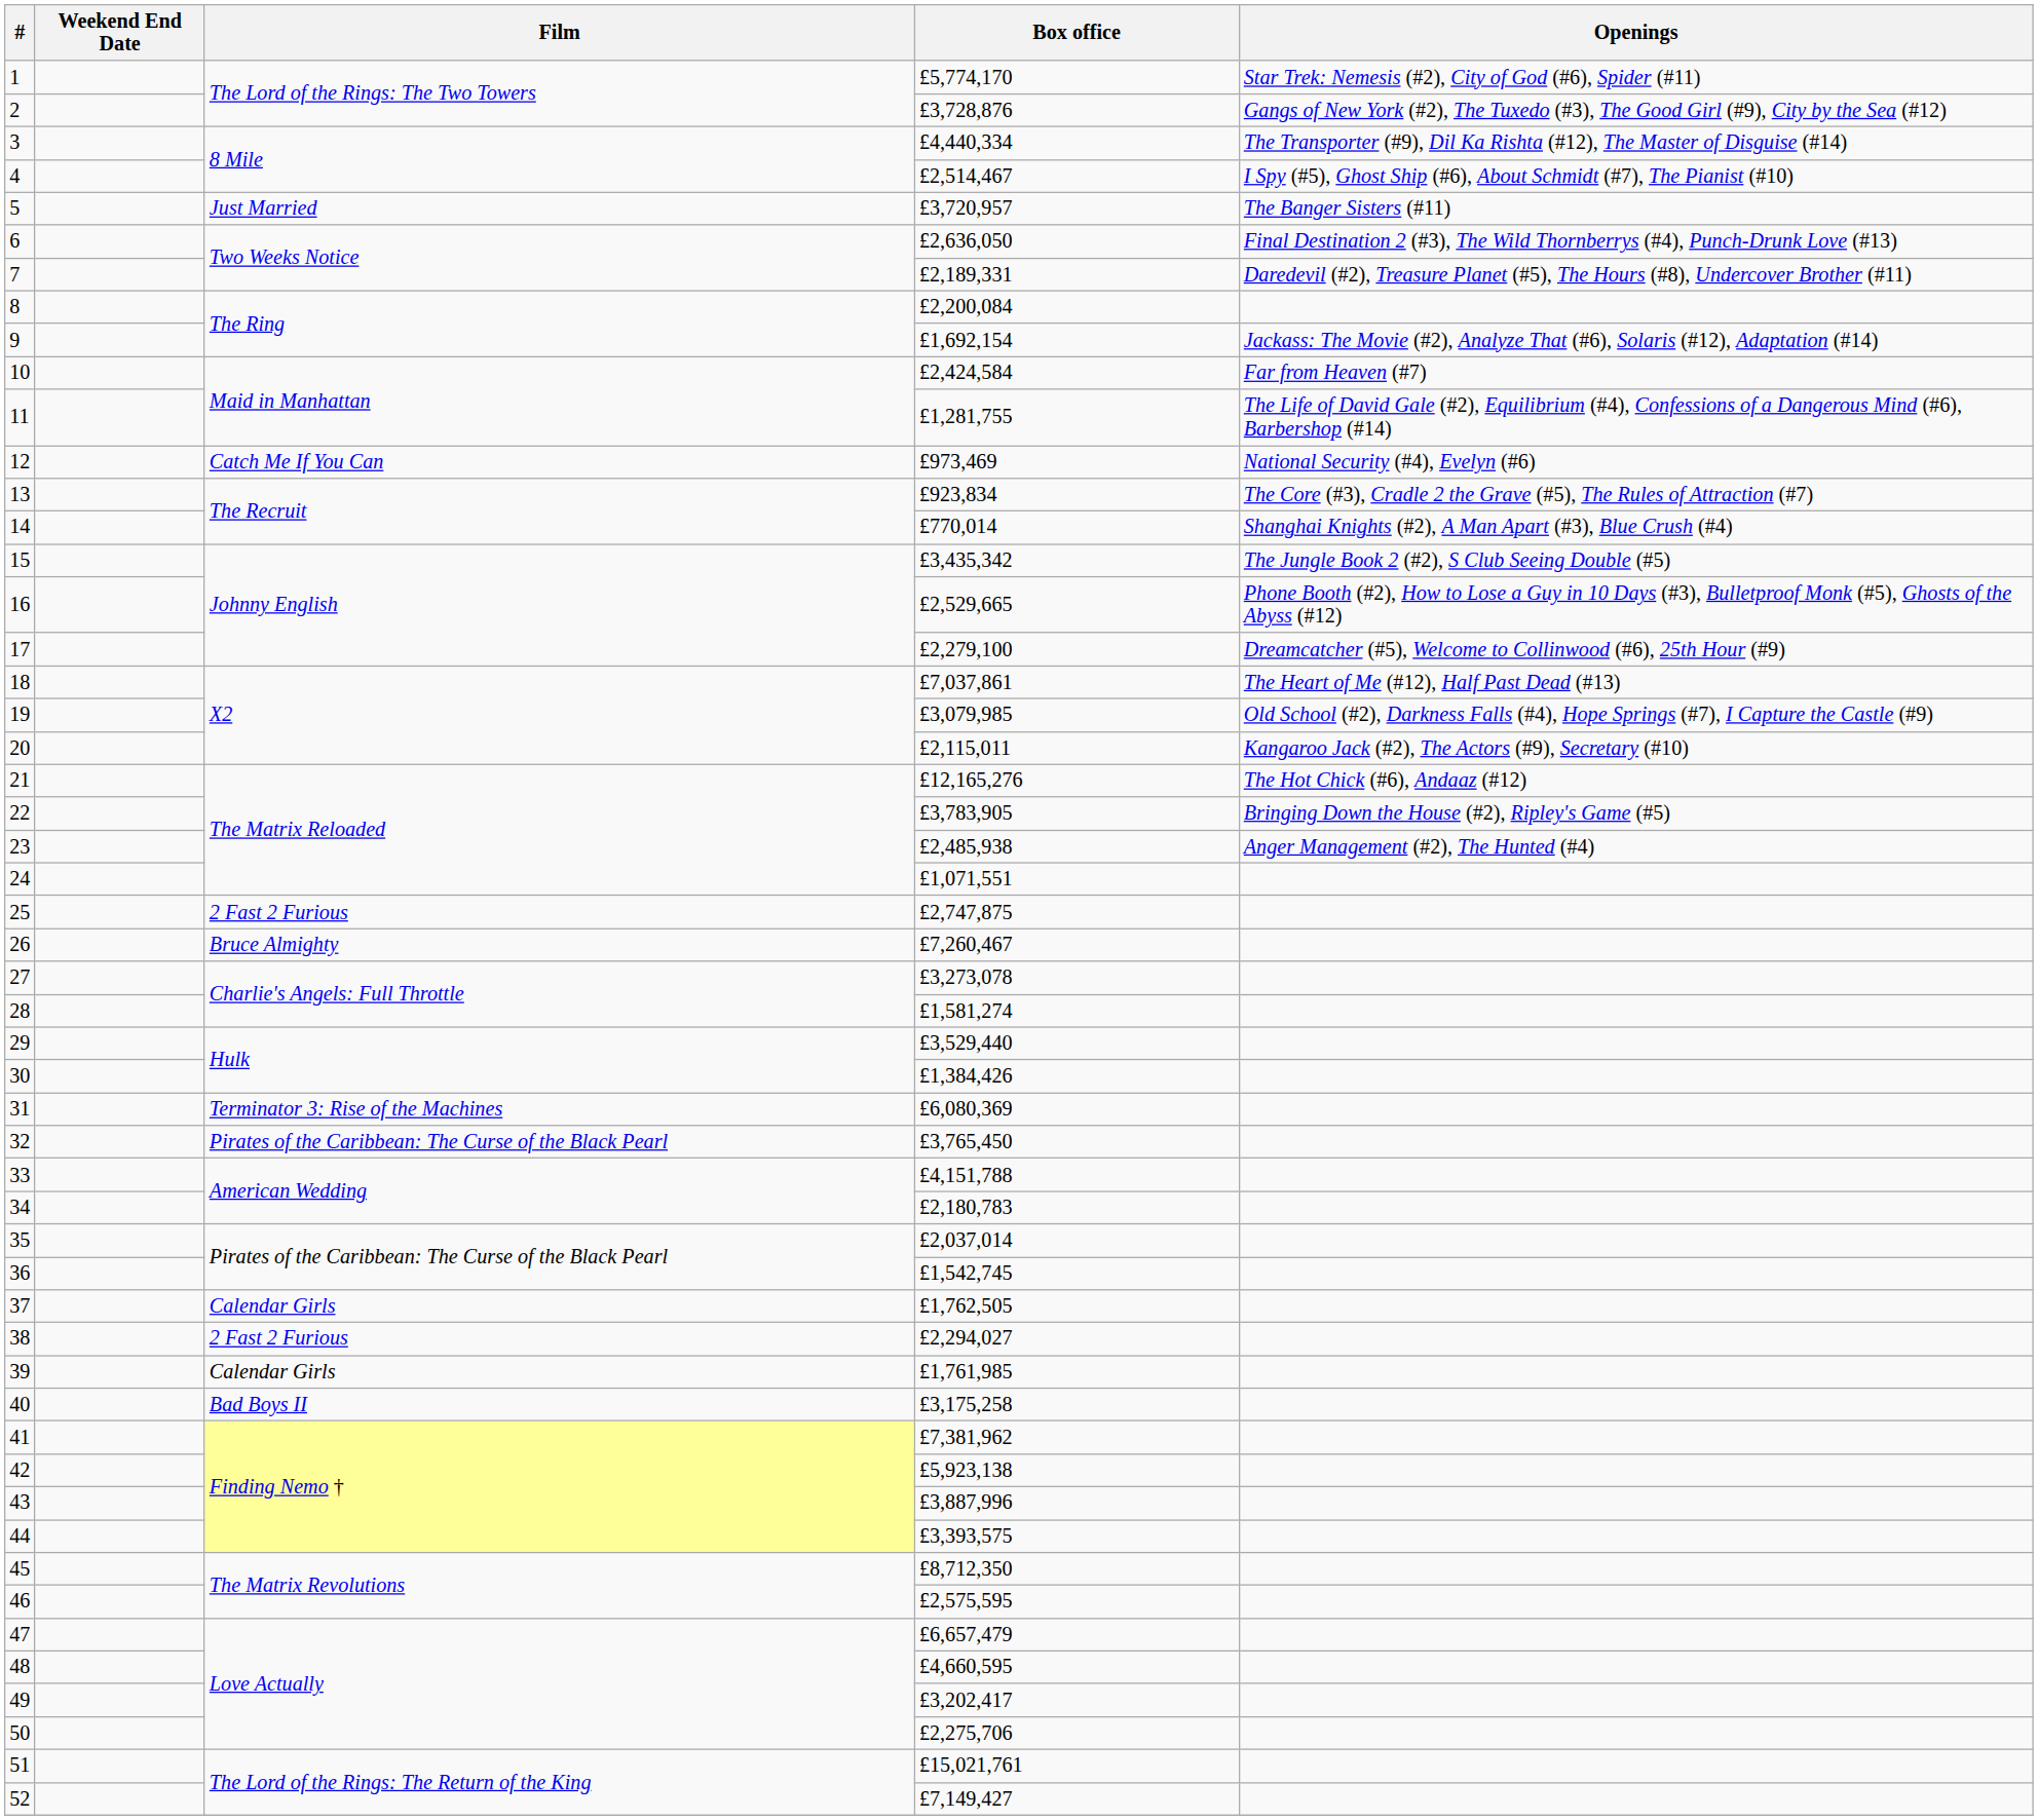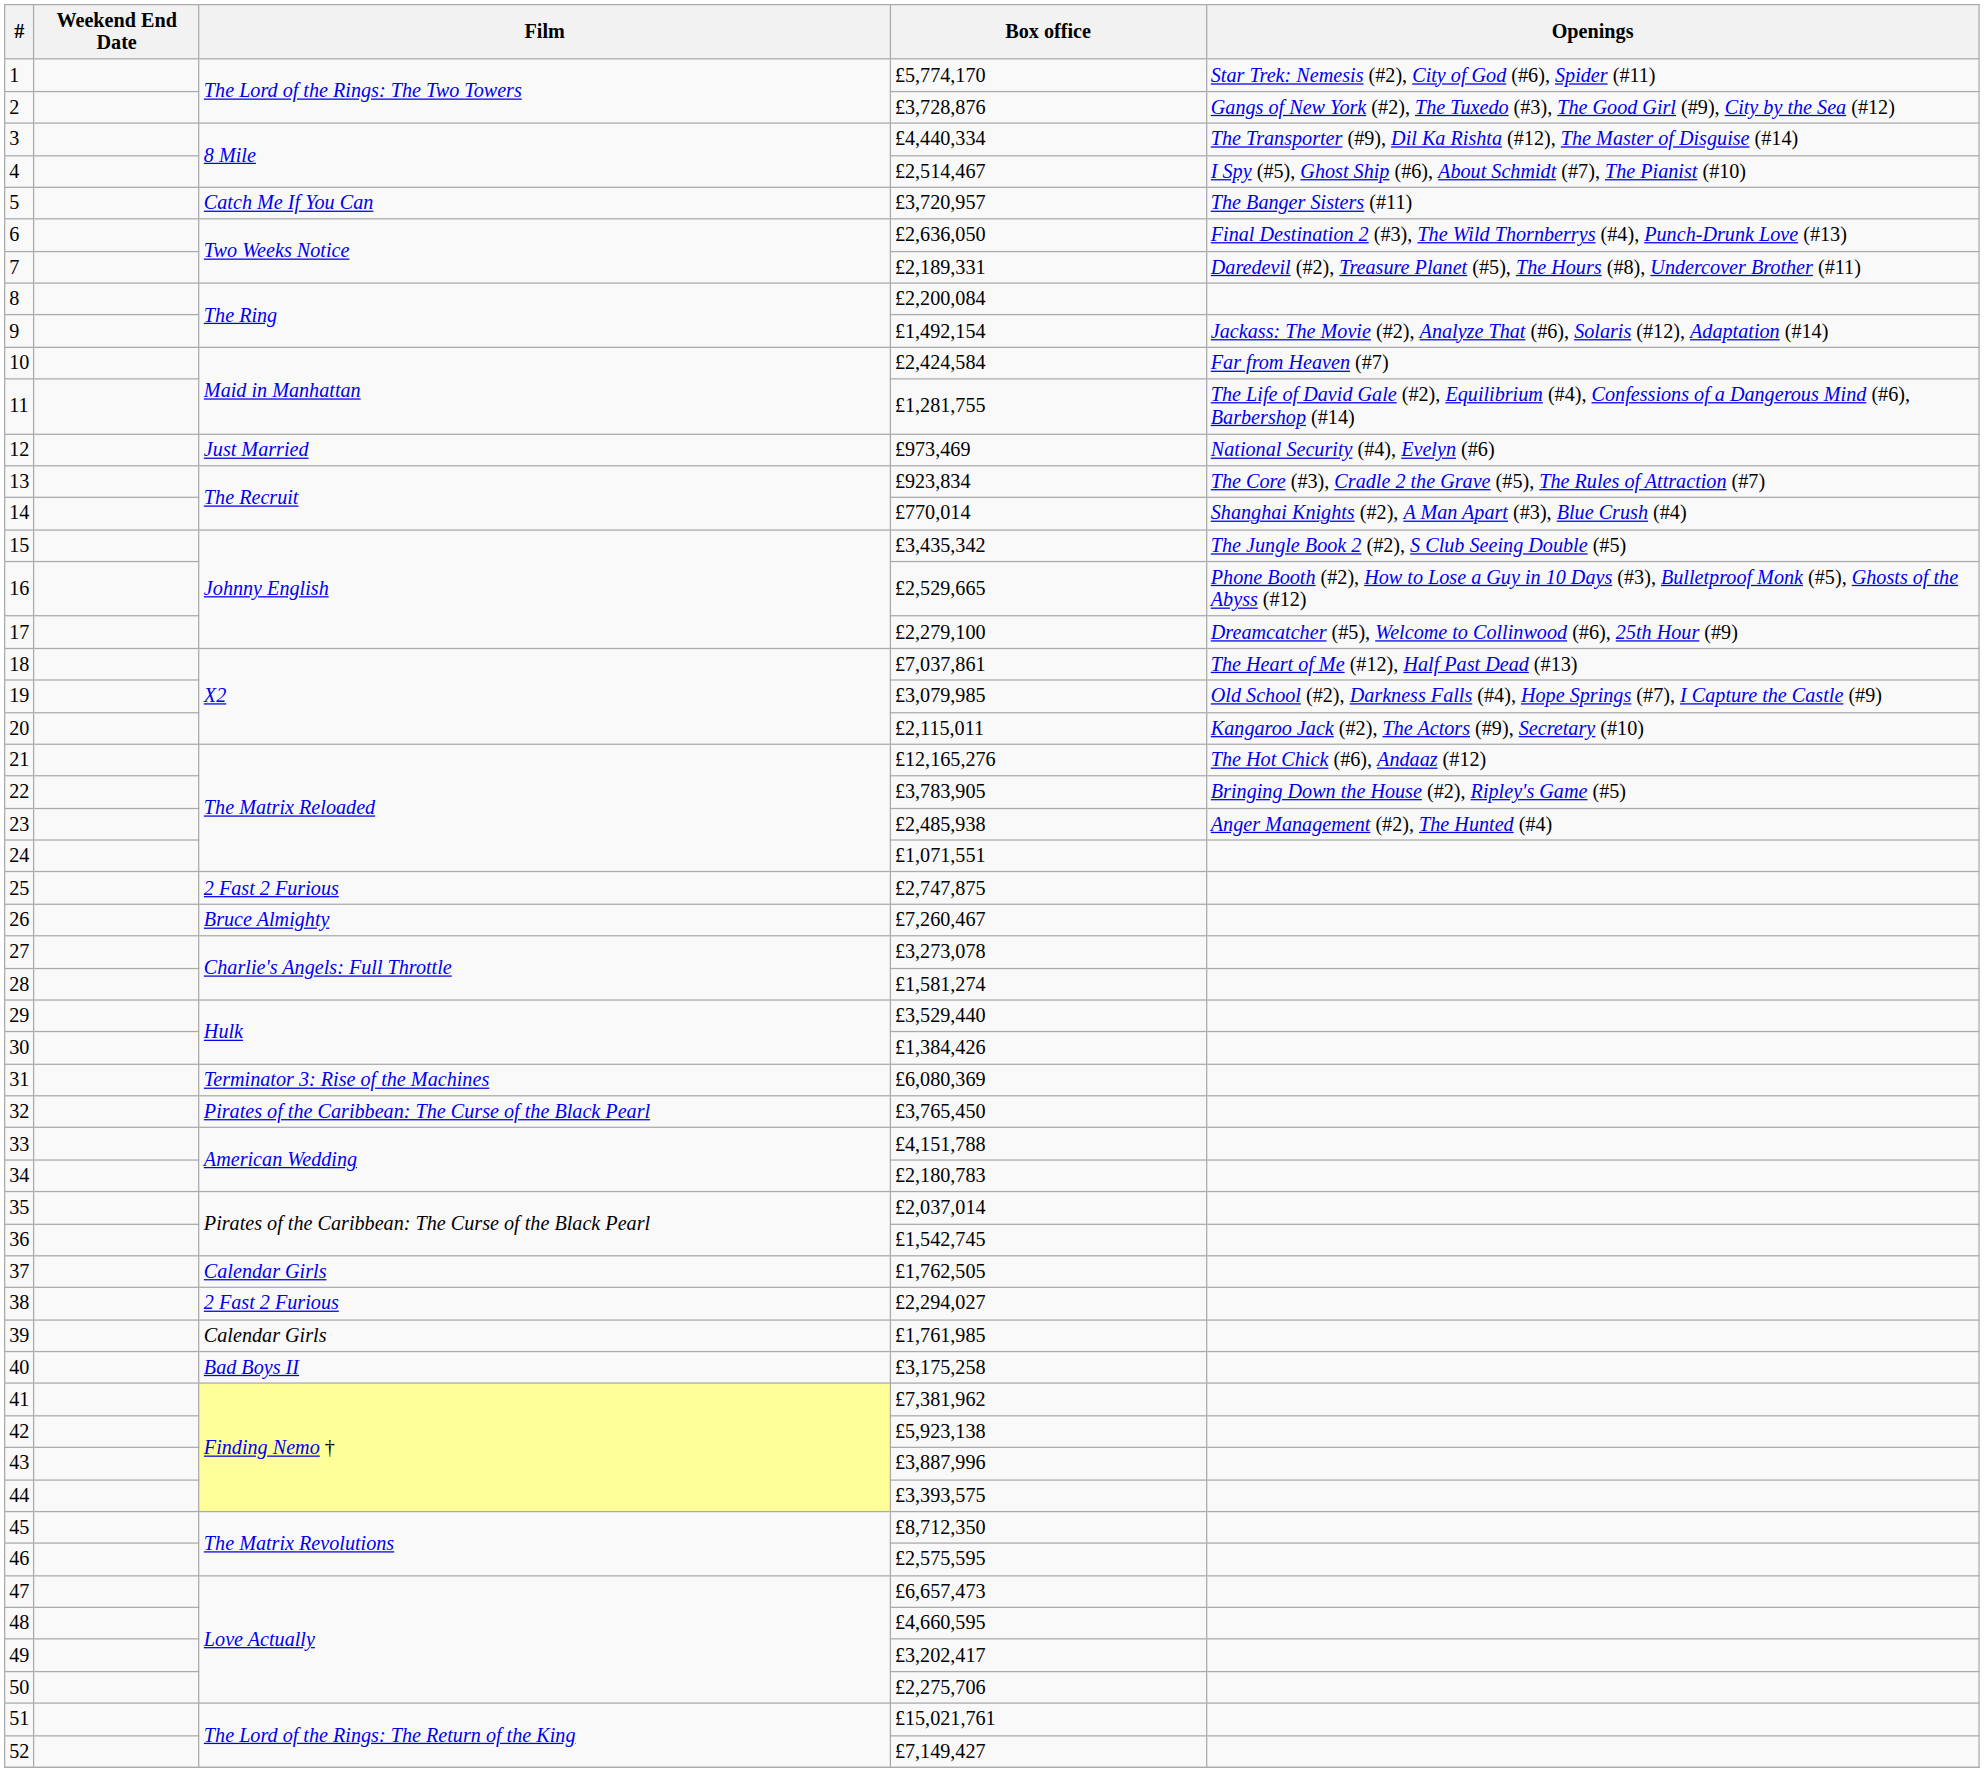 <table class="wikitable sortable">
 <tr>
 <th abbr="Week">#</th>
 <th abbr="Date" style="Hellowidth:130px">Weekend End Date</th>
 <th width="35%">Film</th>
 <th width="16%">Box office</th>
 <th>Openings</th>
 </tr>
 <tr>
 <td>1</td>
 <td></td>
 <td rowspan="2"><em><a href='#'>The Lord of the Rings: The Two Towers</a></em></td>
 <td>£5,774,170</td>
 <td><em><a href='#'>Star Trek: Nemesis</a></em> (#2), <em><a href='#'>City of God</a></em> (#6), <em><a href='#'>Spider</a></em> (#11)</td>
 </tr>
 <tr>
 <td>2</td>
 <td></td>
 <td>£3,728,876</td>
 <td><em><a href='#'>Gangs of New York</a></em> (#2), <em><a href='#'>The Tuxedo</a></em> (#3), <em><a href='#'>The Good Girl</a></em> (#9), <em><a href='#'>City by the Sea</a></em> (#12)</td>
 </tr>
 <tr>
 <td>3</td>
 <td></td>
 <td rowspan="2"><em><a href='#'>8 Mile</a></em></td>
 <td>£4,440,334</td>
 <td><em><a href='#'>The Transporter</a></em> (#9), <em><a href='#'>Dil Ka Rishta</a></em> (#12), <em><a href='#'>The Master of Disguise</a></em> (#14)</td>
 </tr>
 <tr>
 <td>4</td>
 <td></td>
 <td>£2,514,467</td>
 <td><em><a href='#'>I Spy</a></em> (#5), <em><a href='#'>Ghost Ship</a></em> (#6), <em><a href='#'>About Schmidt</a></em> (#7), <em><a href='#'>The Pianist</a></em> (#10)</td>
 </tr>
 <tr>
 <td>5</td>
 <td></td>
-<td><em><a href='#'>Just Married</a></em></td>
+<td><em><a href='#'>Catch Me If You Can</a></em></td>
 <td>£3,720,957</td>
 <td><em><a href='#'>The Banger Sisters</a></em> (#11)</td>
 </tr>
 <tr>
 <td>6</td>
 <td></td>
 <td rowspan="2"><em><a href='#'>Two Weeks Notice</a></em></td>
 <td>£2,636,050</td>
 <td><em><a href='#'>Final Destination 2</a></em> (#3), <em><a href='#'>The Wild Thornberrys</a></em> (#4), <em><a href='#'>Punch-Drunk Love</a></em> (#13)</td>
 </tr>
 <tr>
 <td>7</td>
 <td></td>
 <td>£2,189,331</td>
 <td><em><a href='#'>Daredevil</a></em> (#2), <em><a href='#'>Treasure Planet</a></em> (#5), <em><a href='#'>The Hours</a></em> (#8), <em><a href='#'>Undercover Brother</a></em> (#11)</td>
 </tr>
 <tr>
 <td>8</td>
 <td></td>
 <td rowspan="2"><em><a href='#'>The Ring</a></em></td>
 <td>£2,200,084</td>
 <td></td>
 </tr>
 <tr>
 <td>9</td>
 <td></td>
-<td>£1,692,154</td>
+<td>£1,492,154</td>
 <td><em><a href='#'>Jackass: The Movie</a></em> (#2), <em><a href='#'>Analyze That</a></em> (#6), <em><a href='#'>Solaris</a></em> (#12), <em><a href='#'>Adaptation</a></em> (#14)</td>
 </tr>
 <tr>
 <td>10</td>
 <td></td>
 <td rowspan="2"><em><a href='#'>Maid in Manhattan</a></em></td>
 <td>£2,424,584</td>
 <td><em><a href='#'>Far from Heaven</a></em> (#7)</td>
 </tr>
 <tr>
 <td>11</td>
 <td></td>
 <td>£1,281,755</td>
 <td><em><a href='#'>The Life of David Gale</a></em> (#2), <em><a href='#'>Equilibrium</a></em> (#4), <em><a href='#'>Confessions of a Dangerous Mind</a></em> (#6), <em><a href='#'>Barbershop</a></em> (#14)</td>
 </tr>
 <tr>
 <td>12</td>
 <td></td>
-<td><em><a href='#'>Catch Me If You Can</a></em></td>
+<td><em><a href='#'>Just Married</a></em></td>
 <td>£973,469</td>
 <td><em><a href='#'>National Security</a></em> (#4), <em><a href='#'>Evelyn</a></em> (#6)</td>
 </tr>
 <tr>
 <td>13</td>
 <td></td>
 <td rowspan="2"><em><a href='#'>The Recruit</a></em></td>
 <td>£923,834</td>
 <td><em><a href='#'>The Core</a></em> (#3), <em><a href='#'>Cradle 2 the Grave</a></em> (#5), <em><a href='#'>The Rules of Attraction</a></em> (#7)</td>
 </tr>
 <tr>
 <td>14</td>
 <td></td>
 <td>£770,014</td>
 <td><em><a href='#'>Shanghai Knights</a></em> (#2), <em><a href='#'>A Man Apart</a></em> (#3), <em><a href='#'>Blue Crush</a></em> (#4)</td>
 </tr>
 <tr>
 <td>15</td>
 <td></td>
 <td rowspan="3"><em><a href='#'>Johnny English</a></em></td>
 <td>£3,435,342</td>
 <td><em><a href='#'>The Jungle Book 2</a></em> (#2), <em><a href='#'>S Club Seeing Double</a></em> (#5)</td>
 </tr>
 <tr>
 <td>16</td>
 <td></td>
 <td>£2,529,665</td>
 <td><em><a href='#'>Phone Booth</a></em> (#2), <em><a href='#'>How to Lose a Guy in 10 Days</a></em> (#3), <em><a href='#'>Bulletproof Monk</a></em> (#5), <em><a href='#'>Ghosts of the Abyss</a></em> (#12)</td>
 </tr>
 <tr>
 <td>17</td>
 <td></td>
 <td>£2,279,100</td>
 <td><em><a href='#'>Dreamcatcher</a></em> (#5), <em><a href='#'>Welcome to Collinwood</a></em> (#6), <em><a href='#'>25th Hour</a></em> (#9)</td>
 </tr>
 <tr>
 <td>18</td>
 <td></td>
 <td rowspan="3"><em><a href='#'>X2</a></em></td>
 <td>£7,037,861</td>
 <td><em><a href='#'>The Heart of Me</a></em> (#12), <em><a href='#'>Half Past Dead</a></em> (#13)</td>
 </tr>
 <tr>
 <td>19</td>
 <td></td>
 <td>£3,079,985</td>
 <td><em><a href='#'>Old School</a></em> (#2), <em><a href='#'>Darkness Falls</a></em> (#4), <em><a href='#'>Hope Springs</a></em> (#7), <em><a href='#'>I Capture the Castle</a></em> (#9)</td>
 </tr>
 <tr>
 <td>20</td>
 <td></td>
 <td>£2,115,011</td>
 <td><em><a href='#'>Kangaroo Jack</a></em> (#2), <em><a href='#'>The Actors</a></em> (#9), <em><a href='#'>Secretary</a></em> (#10)</td>
 </tr>
 <tr>
 <td>21</td>
 <td></td>
 <td rowspan="4"><em><a href='#'>The Matrix Reloaded</a></em></td>
 <td>£12,165,276</td>
 <td><em><a href='#'>The Hot Chick</a></em> (#6), <em><a href='#'>Andaaz</a></em> (#12)</td>
 </tr>
 <tr>
 <td>22</td>
 <td></td>
 <td>£3,783,905</td>
 <td><em><a href='#'>Bringing Down the House</a></em> (#2), <em><a href='#'>Ripley's Game</a></em> (#5)</td>
 </tr>
 <tr>
 <td>23</td>
 <td></td>
 <td>£2,485,938</td>
 <td><em><a href='#'>Anger Management</a></em> (#2), <em><a href='#'>The Hunted</a></em> (#4)</td>
 </tr>
 <tr>
 <td>24</td>
 <td></td>
 <td>£1,071,551</td>
 <td></td>
 </tr>
 <tr>
 <td>25</td>
 <td></td>
 <td><em><a href='#'>2 Fast 2 Furious</a></em></td>
 <td>£2,747,875</td>
 <td></td>
 </tr>
 <tr>
 <td>26</td>
 <td></td>
 <td><em><a href='#'>Bruce Almighty</a></em></td>
 <td>£7,260,467</td>
 <td></td>
 </tr>
 <tr>
 <td>27</td>
 <td></td>
 <td rowspan="2"><em><a href='#'>Charlie's Angels: Full Throttle</a></em></td>
 <td>£3,273,078</td>
 <td></td>
 </tr>
 <tr>
 <td>28</td>
 <td></td>
 <td>£1,581,274</td>
 <td></td>
 </tr>
 <tr>
 <td>29</td>
 <td></td>
 <td rowspan="2"><em><a href='#'>Hulk</a></em></td>
 <td>£3,529,440</td>
 <td></td>
 </tr>
 <tr>
 <td>30</td>
 <td></td>
 <td>£1,384,426</td>
 <td></td>
 </tr>
 <tr>
 <td>31</td>
 <td></td>
 <td><em><a href='#'>Terminator 3: Rise of the Machines</a></em></td>
 <td>£6,080,369</td>
 <td></td>
 </tr>
 <tr>
 <td>32</td>
 <td></td>
 <td><em><a href='#'>Pirates of the Caribbean: The Curse of the Black Pearl</a></em></td>
 <td>£3,765,450</td>
 <td></td>
 </tr>
 <tr>
 <td>33</td>
 <td></td>
 <td rowspan="2"><em><a href='#'>American Wedding</a></em></td>
 <td>£4,151,788</td>
 <td></td>
 </tr>
 <tr>
 <td>34</td>
 <td></td>
 <td>£2,180,783</td>
 <td></td>
 </tr>
 <tr>
 <td>35</td>
 <td></td>
 <td rowspan="2"><em>Pirates of the Caribbean: The Curse of the Black Pearl</em></td>
 <td>£2,037,014</td>
 <td></td>
 </tr>
 <tr>
 <td>36</td>
 <td></td>
 <td>£1,542,745</td>
 <td></td>
 </tr>
 <tr>
 <td>37</td>
 <td></td>
 <td><em><a href='#'>Calendar Girls</a></em></td>
 <td>£1,762,505</td>
 <td></td>
 </tr>
 <tr>
 <td>38</td>
 <td></td>
 <td><em><a href='#'>2 Fast 2 Furious</a></em></td>
 <td>£2,294,027</td>
 <td></td>
 </tr>
 <tr>
 <td>39</td>
 <td></td>
 <td><em>Calendar Girls</em></td>
 <td>£1,761,985</td>
 <td></td>
 </tr>
 <tr>
 <td>40</td>
 <td></td>
 <td><em><a href='#'>Bad Boys II</a></em></td>
 <td>£3,175,258</td>
 <td></td>
 </tr>
 <tr>
 <td>41</td>
 <td></td>
 <td rowspan="4" style="background-color:#FFFF99"><em><a href='#'>Finding Nemo</a></em> †</td>
 <td>£7,381,962</td>
 <td></td>
 </tr>
 <tr>
 <td>42</td>
 <td></td>
 <td>£5,923,138</td>
 <td></td>
 </tr>
 <tr>
 <td>43</td>
 <td></td>
 <td>£3,887,996</td>
 <td></td>
 </tr>
 <tr>
 <td>44</td>
 <td></td>
 <td>£3,393,575</td>
 <td></td>
 </tr>
 <tr>
 <td>45</td>
 <td></td>
 <td rowspan="2"><em><a href='#'>The Matrix Revolutions</a></em></td>
 <td>£8,712,350</td>
 <td></td>
 </tr>
 <tr>
 <td>46</td>
 <td></td>
 <td>£2,575,595</td>
 <td></td>
 </tr>
 <tr>
 <td>47</td>
 <td></td>
 <td rowspan="4"><em><a href='#'>Love Actually</a></em></td>
-<td>£6,657,479</td>
+<td>£6,657,473</td>
 <td></td>
 </tr>
 <tr>
 <td>48</td>
 <td></td>
 <td>£4,660,595</td>
 <td></td>
 </tr>
 <tr>
 <td>49</td>
 <td></td>
 <td>£3,202,417</td>
 <td></td>
 </tr>
 <tr>
 <td>50</td>
 <td></td>
 <td>£2,275,706</td>
 <td></td>
 </tr>
 <tr>
 <td>51</td>
 <td></td>
 <td rowspan="2"><em><a href='#'>The Lord of the Rings: The Return of the King</a></em></td>
 <td>£15,021,761</td>
 <td></td>
 </tr>
 <tr>
 <td>52</td>
 <td></td>
 <td>£7,149,427</td>
 <td></td>
 </tr>
 <tr>
 </tr>
 </table>
